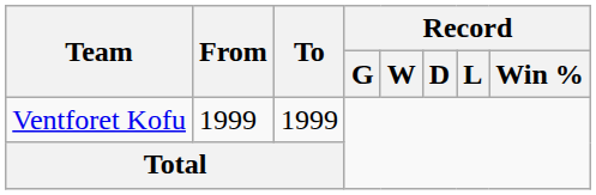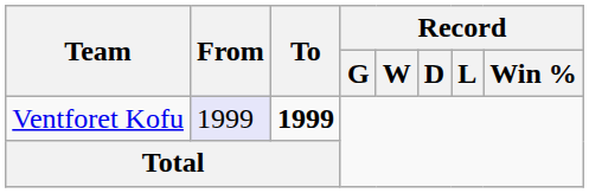 <table class="wikitable" style="text-align: center">
 <tr>
 <th rowspan="2">Team</th>
 <th rowspan="2">From</th>
 <th rowspan="2">To</th>
 <th colspan="5">Record</th>
 </tr>
 <tr>
 <th>G</th>
 <th>W</th>
 <th>D</th>
 <th>L</th>
 <th>Win %</th>
 </tr>
 <tr>
 <td align="left"><a href='#'>Ventforet Kofu</a></td>
-<td align="left">1999</td>
-<td align="left">1999<br></td>
+<td align="left" style="background: lavender;">1999</td>
+<td align="left"><strong>1999<br></strong></td>
 </tr>
 <tr>
 <th colspan="3">Total<br></th>
 </tr>
 </table>
